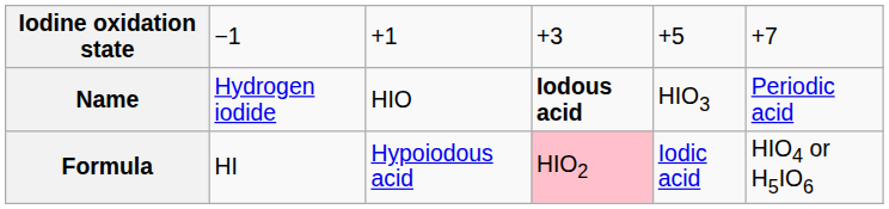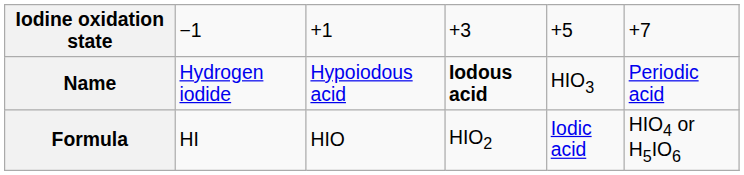 <table class="wikitable">
 <tr>
 <th>Iodine oxidation state</th>
 <td>−1</td>
 <td>+1</td>
 <td>+3</td>
 <td>+5</td>
 <td>+7</td>
 </tr>
 <tr>
 <th>Name</th>
 <td><a href='#'>Hydrogen iodide</a></td>
-<td>HIO</td>
+<td><a href='#'>Hypoiodous acid</a></td>
 <td><strong>Iodous acid</strong></td>
 <td>HIO<sub>3</sub></td>
 <td><a href='#'>Periodic acid</a></td>
 </tr>
 <tr>
 <th>Formula</th>
 <td>HI</td>
-<td><a href='#'>Hypoiodous acid</a></td>
-<td style="background: pink;">HIO<sub>2</sub></td>
+<td>HIO</td>
+<td>HIO<sub>2</sub></td>
 <td><a href='#'>Iodic acid</a></td>
 <td>HIO<sub>4</sub> or H<sub>5</sub>IO<sub>6</sub></td>
 </tr>
 </table>
